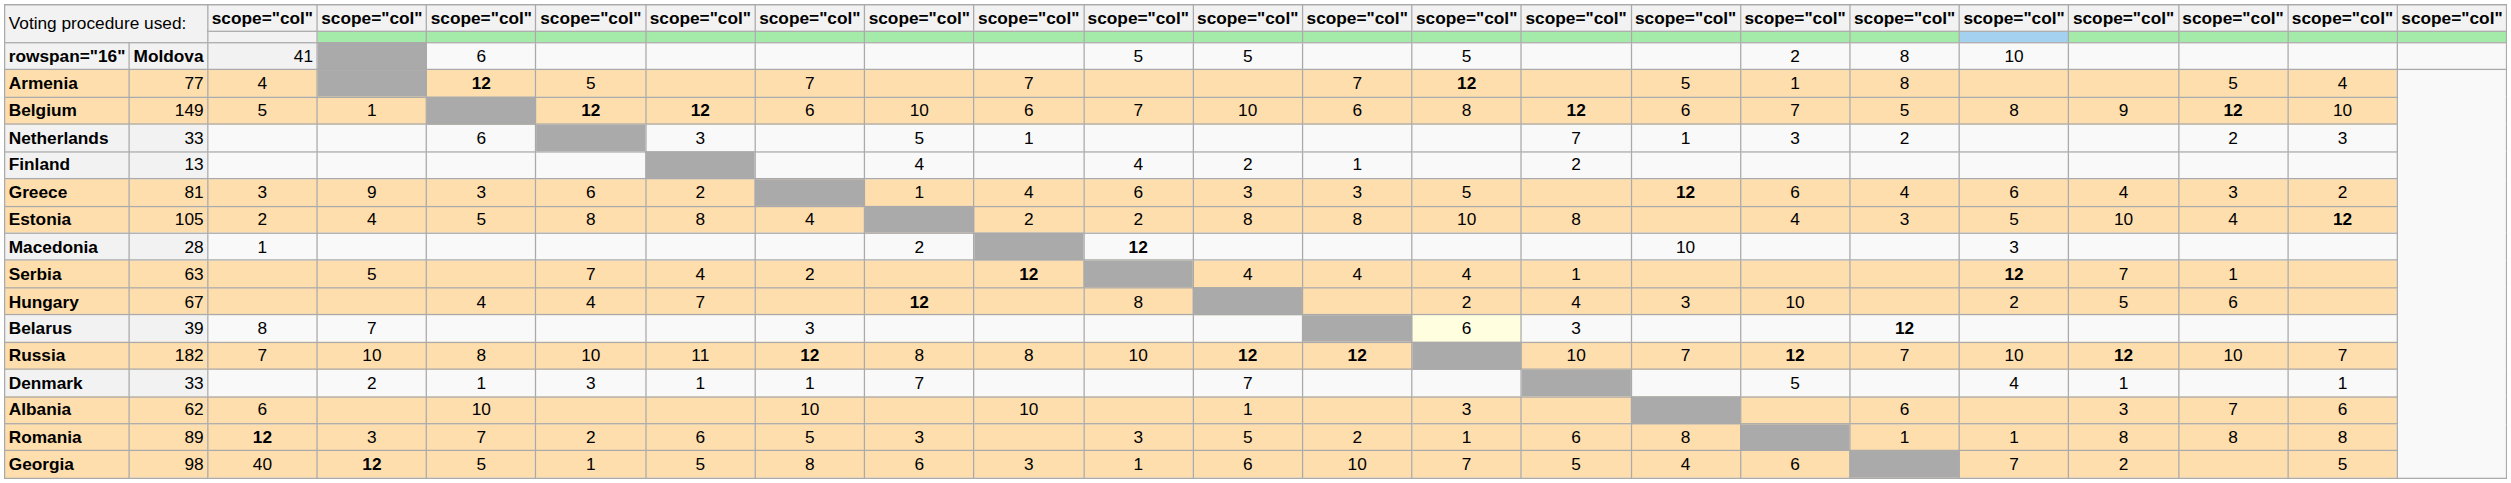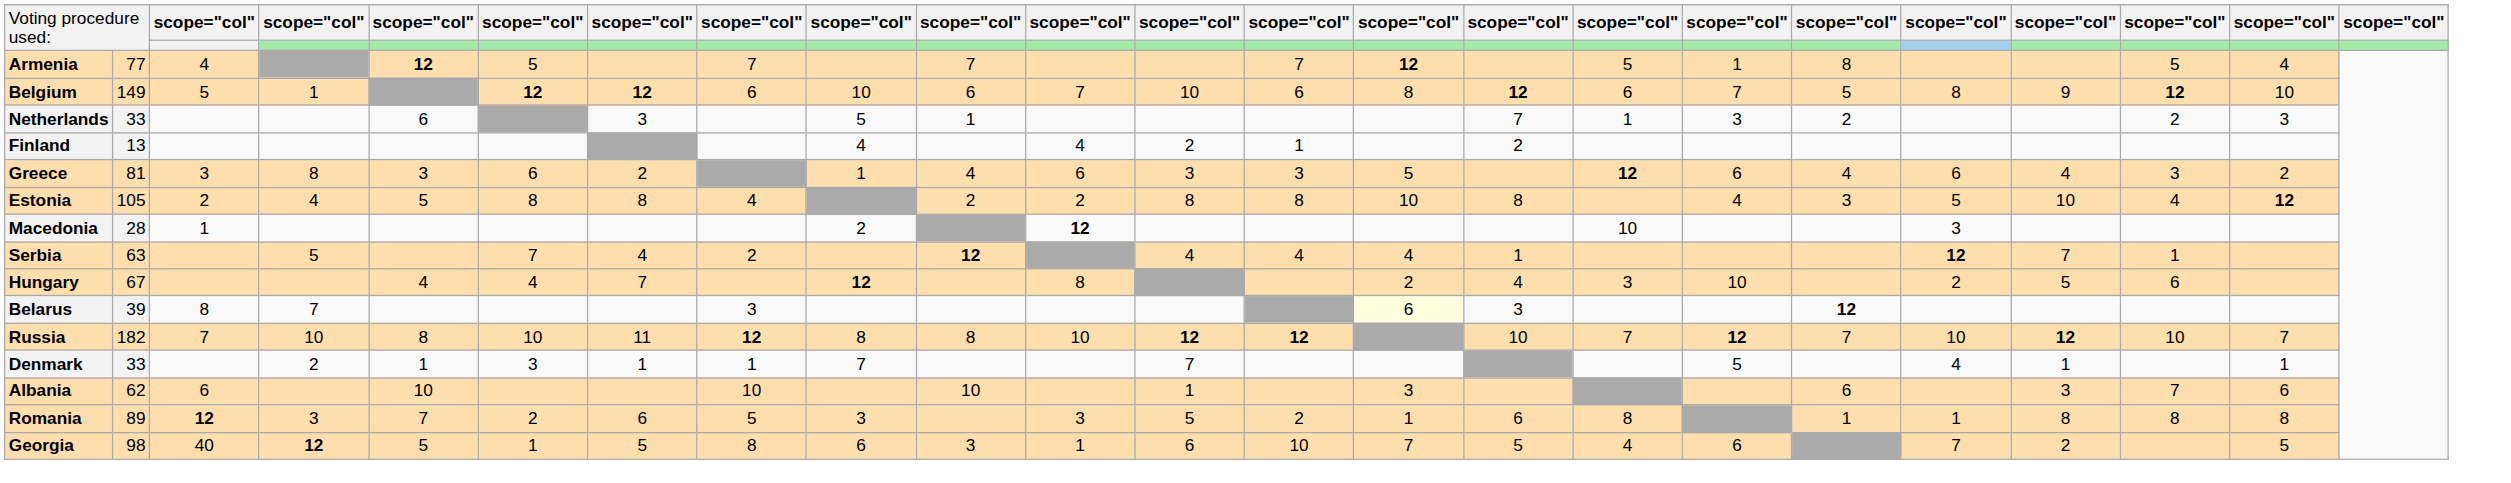 <table class="wikitable plainrowheaders" style="text-align:center; font-size:85%;">
 <tr>
 </tr>
 <tr>
 <td colspan="2" rowspan="2" style="text-align:left; background:#F2F2F2">Voting procedure used:<br></td>
 <th>scope="col" </th>
 <th>scope="col" </th>
 <th>scope="col" </th>
 <th>scope="col" </th>
 <th>scope="col" </th>
 <th>scope="col" </th>
 <th>scope="col" </th>
 <th>scope="col" </th>
 <th>scope="col" </th>
 <th>scope="col" </th>
 <th>scope="col" </th>
 <th>scope="col" </th>
 <th>scope="col" </th>
 <th>scope="col" </th>
 <th>scope="col" </th>
 <th>scope="col" </th>
 <th>scope="col" </th>
 <th>scope="col" </th>
 <th>scope="col" </th>
 <th>scope="col" </th>
 <th>scope="col" </th>
 </tr>
 <tr>
 <th style="height:2px; border-top:1px solid transparent;"></th>
 <th style="background:#A4EAA9;"></th>
 <th style="background:#A4EAA9;"></th>
 <th style="background:#A4EAA9;"></th>
 <th style="background:#A4EAA9;"></th>
 <th style="background:#A4EAA9;"></th>
 <th style="background:#A4EAA9;"></th>
 <th style="background:#A4EAA9;"></th>
 <th style="background:#A4EAA9;"></th>
 <th style="background:#A4EAA9;"></th>
 <th style="background:#A4EAA9;"></th>
 <th style="background:#A4EAA9;"></th>
 <th style="background:#A4EAA9;"></th>
 <th style="background:#A4EAA9;"></th>
 <th style="background:#A4EAA9;"></th>
 <th style="background:#A4EAA9;"></th>
 <th style="background:#A4D1EF;"></th>
 <th style="background:#A4EAA9;"></th>
 <th style="background:#A4EAA9;"></th>
 <th style="background:#A4EAA9;"></th>
 <th style="background:#A4EAA9;"></th>
-</tr>
-<tr>
-<th>rowspan="16" </th>
-<th scope="row" style="text-align:left; background:#f2f2f2;">Moldova</th>
-<td style="text-align:right; background:#f2f2f2;">41</td>
-<td style="text-align:left; background:#AAAAAA;"></td>
-<td>6</td>
-<td></td>
-<td></td>
-<td></td>
-<td></td>
-<td></td>
-<td>5</td>
-<td>5</td>
-<td></td>
-<td>5</td>
-<td></td>
-<td></td>
-<td>2</td>
-<td>8</td>
-<td>10</td>
-<td></td>
-<td></td>
-<td></td>
-<td></td>
 </tr>
 <tr style="background:#ffdead;">
 <th scope="row" style="text-align:left; font-weight:bold; background:#ffdead;">Armenia</th>
 <td style="text-align:right;">77</td>
 <td>4</td>
 <td style="text-align:left; background:#AAAAAA;"></td>
 <td><strong>12</strong></td>
 <td>5</td>
 <td></td>
 <td>7</td>
 <td></td>
 <td>7</td>
 <td></td>
 <td></td>
 <td>7</td>
 <td><strong>12</strong></td>
 <td></td>
 <td>5</td>
 <td>1</td>
 <td>8</td>
 <td></td>
 <td></td>
 <td>5</td>
 <td>4</td>
 </tr>
 <tr style="background:#ffdead;">
 <th scope="row" style="text-align:left; font-weight:bold; background:#ffdead;">Belgium</th>
 <td style="text-align:right;">149</td>
 <td>5</td>
 <td>1</td>
 <td style="text-align:left; background:#AAAAAA;"></td>
 <td><strong>12</strong></td>
 <td><strong>12</strong></td>
 <td>6</td>
 <td>10</td>
 <td>6</td>
 <td>7</td>
 <td>10</td>
 <td>6</td>
 <td>8</td>
 <td><strong>12</strong></td>
 <td>6</td>
 <td>7</td>
 <td>5</td>
 <td>8</td>
 <td>9</td>
 <td><strong>12</strong></td>
 <td>10</td>
 </tr>
 <tr>
 <th scope="row" style="text-align:left; background:#f2f2f2;">Netherlands</th>
 <td style="text-align:right; background:#f2f2f2;">33</td>
 <td></td>
 <td></td>
 <td>6</td>
 <td style="text-align:left; background:#AAAAAA;"></td>
 <td>3</td>
 <td></td>
 <td>5</td>
 <td>1</td>
 <td></td>
 <td></td>
 <td></td>
 <td></td>
 <td>7</td>
 <td>1</td>
 <td>3</td>
 <td>2</td>
 <td></td>
 <td></td>
 <td>2</td>
 <td>3</td>
 </tr>
 <tr>
 <th scope="row" style="text-align:left; background:#f2f2f2;">Finland</th>
 <td style="text-align:right; background:#f2f2f2;">13</td>
 <td></td>
 <td></td>
 <td></td>
 <td></td>
 <td style="text-align:left; background:#AAAAAA;"></td>
 <td></td>
 <td>4</td>
 <td></td>
 <td>4</td>
 <td>2</td>
 <td>1</td>
 <td></td>
 <td>2</td>
 <td></td>
 <td></td>
 <td></td>
 <td></td>
 <td></td>
 <td></td>
 <td></td>
 </tr>
 <tr style="background:#ffdead;">
 <th scope="row" style="text-align:left; font-weight:bold; background:#ffdead;">Greece</th>
 <td style="text-align:right;">81</td>
 <td>3</td>
-<td>9</td>
+<td>8</td>
 <td>3</td>
 <td>6</td>
 <td>2</td>
 <td style="text-align:left; background:#AAAAAA;"></td>
 <td>1</td>
 <td>4</td>
 <td>6</td>
 <td>3</td>
 <td>3</td>
 <td>5</td>
 <td></td>
 <td><strong>12</strong></td>
 <td>6</td>
 <td>4</td>
 <td>6</td>
 <td>4</td>
 <td>3</td>
 <td>2</td>
 </tr>
 <tr style="background:#ffdead;">
 <th scope="row" style="text-align:left; font-weight:bold; background:#ffdead;">Estonia</th>
 <td style="text-align:right;">105</td>
 <td>2</td>
 <td>4</td>
 <td>5</td>
 <td>8</td>
 <td>8</td>
 <td>4</td>
 <td style="text-align:left; background:#AAAAAA;"></td>
 <td>2</td>
 <td>2</td>
 <td>8</td>
 <td>8</td>
 <td>10</td>
 <td>8</td>
 <td></td>
 <td>4</td>
 <td>3</td>
 <td>5</td>
 <td>10</td>
 <td>4</td>
 <td><strong>12</strong></td>
 </tr>
 <tr>
 <th scope="row" style="text-align:left; background:#f2f2f2;">Macedonia</th>
 <td style="text-align:right; background:#f2f2f2;">28</td>
 <td>1</td>
 <td></td>
 <td></td>
 <td></td>
 <td></td>
 <td></td>
 <td>2</td>
 <td style="text-align:left; background:#AAAAAA;"></td>
 <td><strong>12</strong></td>
 <td></td>
 <td></td>
 <td></td>
 <td></td>
 <td>10</td>
 <td></td>
 <td></td>
 <td>3</td>
 <td></td>
 <td></td>
 <td></td>
 </tr>
 <tr style="background:#ffdead;">
 <th scope="row" style="text-align:left; font-weight:bold; background:#ffdead;">Serbia</th>
 <td style="text-align:right;">63</td>
 <td></td>
 <td>5</td>
 <td></td>
 <td>7</td>
 <td>4</td>
 <td>2</td>
 <td></td>
 <td><strong>12</strong></td>
 <td style="text-align:left; background:#AAAAAA;"></td>
 <td>4</td>
 <td>4</td>
 <td>4</td>
 <td>1</td>
 <td></td>
 <td></td>
 <td></td>
 <td><strong>12</strong></td>
 <td>7</td>
 <td>1</td>
 <td></td>
 </tr>
 <tr style="background:#ffdead;">
 <th scope="row" style="text-align:left; font-weight:bold; background:#ffdead;">Hungary</th>
 <td style="text-align:right;">67</td>
 <td></td>
 <td></td>
 <td>4</td>
 <td>4</td>
 <td>7</td>
 <td></td>
 <td><strong>12</strong></td>
 <td></td>
 <td>8</td>
 <td style="text-align:left; background:#AAAAAA;"></td>
 <td></td>
 <td>2</td>
 <td>4</td>
 <td>3</td>
 <td>10</td>
 <td></td>
 <td>2</td>
 <td>5</td>
 <td>6</td>
 <td></td>
 </tr>
 <tr>
 <th scope="row" style="text-align:left; background:#f2f2f2;">Belarus</th>
 <td style="text-align:right; background:#f2f2f2;">39</td>
 <td>8</td>
 <td>7</td>
 <td></td>
 <td></td>
 <td></td>
 <td>3</td>
 <td></td>
 <td></td>
 <td></td>
 <td></td>
 <td style="text-align:left; background:#AAAAAA;"></td>
 <td style="background: lightyellow;">6</td>
 <td>3</td>
 <td></td>
 <td></td>
 <td><strong>12</strong></td>
 <td></td>
 <td></td>
 <td></td>
 <td></td>
 </tr>
 <tr style="background:#ffdead;">
 <th scope="row" style="text-align:left; font-weight:bold; background:#ffdead;">Russia</th>
 <td style="text-align:right;">182</td>
 <td>7</td>
 <td>10</td>
 <td>8</td>
 <td>10</td>
 <td>11</td>
 <td><strong>12</strong></td>
 <td>8</td>
 <td>8</td>
 <td>10</td>
 <td><strong>12</strong></td>
 <td><strong>12</strong></td>
 <td style="text-align:left; background:#AAAAAA;"></td>
 <td>10</td>
 <td>7</td>
 <td><strong>12</strong></td>
 <td>7</td>
 <td>10</td>
 <td><strong>12</strong></td>
 <td>10</td>
 <td>7</td>
 </tr>
 <tr>
 <th scope="row" style="text-align:left; background:#f2f2f2;">Denmark</th>
 <td style="text-align:right; background:#f2f2f2;">33</td>
 <td></td>
 <td>2</td>
 <td>1</td>
 <td>3</td>
 <td>1</td>
 <td>1</td>
 <td>7</td>
 <td></td>
 <td></td>
 <td>7</td>
 <td></td>
 <td></td>
 <td style="text-align:left; background:#AAAAAA;"></td>
 <td></td>
 <td>5</td>
 <td></td>
 <td>4</td>
 <td>1</td>
 <td></td>
 <td>1</td>
 </tr>
 <tr style="background:#ffdead;">
 <th scope="row" style="text-align:left; font-weight:bold; background:#ffdead;">Albania</th>
 <td style="text-align:right;">62</td>
 <td>6</td>
 <td></td>
 <td>10</td>
 <td></td>
 <td></td>
 <td>10</td>
 <td></td>
 <td>10</td>
 <td></td>
 <td>1</td>
 <td></td>
 <td>3</td>
 <td></td>
 <td style="text-align:left; background:#AAAAAA;"></td>
 <td></td>
 <td>6</td>
 <td></td>
 <td>3</td>
 <td>7</td>
 <td>6</td>
 </tr>
 <tr style="background:#ffdead;">
 <th scope="row" style="text-align:left; font-weight:bold; background:#ffdead;">Romania</th>
 <td style="text-align:right;">89</td>
 <td><strong>12</strong></td>
 <td>3</td>
 <td>7</td>
 <td>2</td>
 <td>6</td>
 <td>5</td>
 <td>3</td>
 <td></td>
 <td>3</td>
 <td>5</td>
 <td>2</td>
 <td>1</td>
 <td>6</td>
 <td>8</td>
 <td style="text-align:left; background:#AAAAAA;"></td>
 <td>1</td>
 <td>1</td>
 <td>8</td>
 <td>8</td>
 <td>8</td>
 </tr>
 <tr style="background:#ffdead;">
 <th scope="row" style="text-align:left; font-weight:bold; background:#ffdead;">Georgia</th>
 <td style="text-align:right;">98</td>
 <td>40</td>
 <td><strong>12</strong></td>
 <td>5</td>
 <td>1</td>
 <td>5</td>
 <td>8</td>
 <td>6</td>
 <td>3</td>
 <td>1</td>
 <td>6</td>
 <td>10</td>
 <td>7</td>
 <td>5</td>
 <td>4</td>
 <td>6</td>
 <td style="text-align:left; background:#AAAAAA;"></td>
 <td>7</td>
 <td>2</td>
 <td></td>
 <td>5</td>
 </tr>
 </table>
